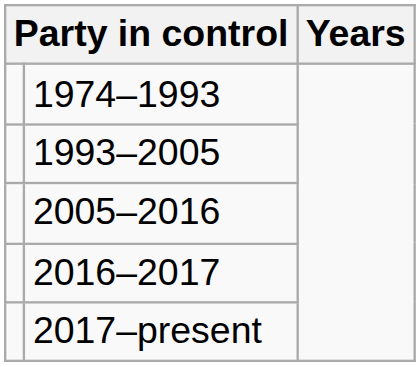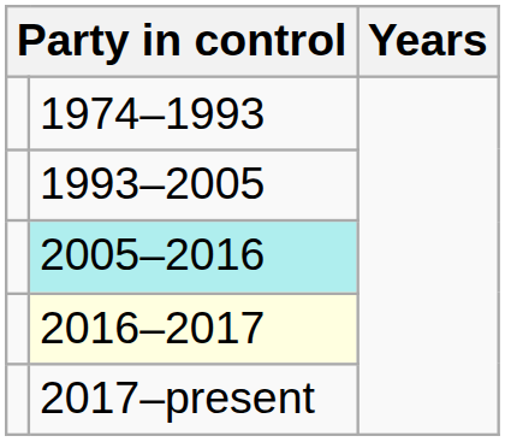 <table class="wikitable">
 <tr>
 <th colspan="2">Party in control</th>
 <th>Years</th>
 </tr>
 <tr>
 <td></td>
 <td>1974–1993</td>
 </tr>
 <tr>
 <td></td>
 <td>1993–2005</td>
 </tr>
 <tr>
 <td></td>
-<td>2005–2016</td>
+<td style="background: paleturquoise;">2005–2016</td>
 </tr>
 <tr>
 <td></td>
-<td>2016–2017</td>
+<td style="background: lightyellow;">2016–2017</td>
 </tr>
 <tr>
 <td></td>
 <td>2017–present</td>
 </tr>
 </table>
